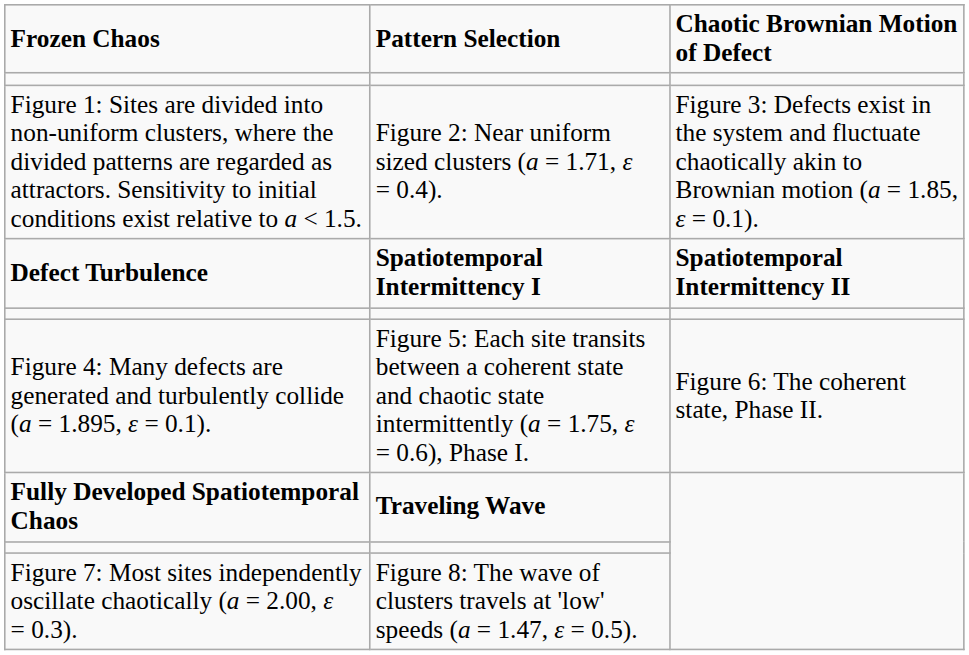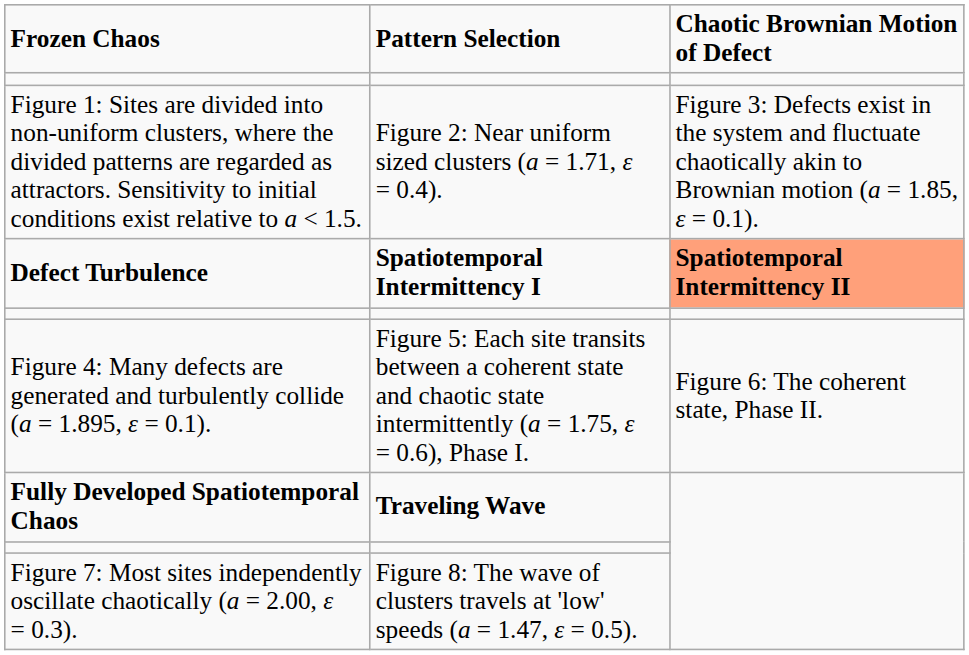 <table class="wikitable" border="1">
 <tr>
 <td><strong>Frozen Chaos</strong></td>
 <td><strong>Pattern Selection</strong></td>
 <td><strong>Chaotic Brownian Motion of Defect</strong></td>
 </tr>
 <tr>
 <td></td>
 <td></td>
 <td></td>
 </tr>
 <tr>
 <td>Figure 1: Sites are divided into non-uniform clusters, where the divided patterns are regarded as attractors. Sensitivity to initial conditions exist relative to <em>a</em> < 1.5.</td>
 <td>Figure 2: Near uniform sized clusters (<em>a</em> = 1.71, <em>ε</em> = 0.4).</td>
 <td>Figure 3: Defects exist in the system and fluctuate chaotically akin to Brownian motion (<em>a</em> = 1.85, <em>ε</em> = 0.1).</td>
 </tr>
 <tr>
 <td><strong>Defect Turbulence</strong></td>
 <td><strong>Spatiotemporal Intermittency I</strong></td>
-<td><strong>Spatiotemporal Intermittency II</strong></td>
+<td style="background: lightsalmon;"><strong>Spatiotemporal Intermittency II</strong></td>
 </tr>
 <tr>
 <td></td>
 <td></td>
 <td></td>
 </tr>
 <tr>
 <td>Figure 4: Many defects are generated and turbulently collide (<em>a</em> = 1.895, <em>ε</em> = 0.1).</td>
 <td>Figure 5: Each site transits between a coherent state and chaotic state intermittently (<em>a</em> = 1.75, <em>ε</em> = 0.6), Phase I.</td>
 <td>Figure 6: The coherent state, Phase II.</td>
 </tr>
 <tr>
 <td><strong>Fully Developed Spatiotemporal Chaos</strong></td>
 <td><strong>Traveling Wave</strong></td>
 </tr>
 <tr>
 <td></td>
 <td></td>
 </tr>
 <tr>
 <td>Figure 7: Most sites independently oscillate chaotically (<em>a</em> = 2.00, <em>ε</em> = 0.3).</td>
 <td>Figure 8: The wave of clusters travels at 'low' speeds (<em>a</em> = 1.47, <em>ε</em> = 0.5).</td>
 </tr>
 </table>
